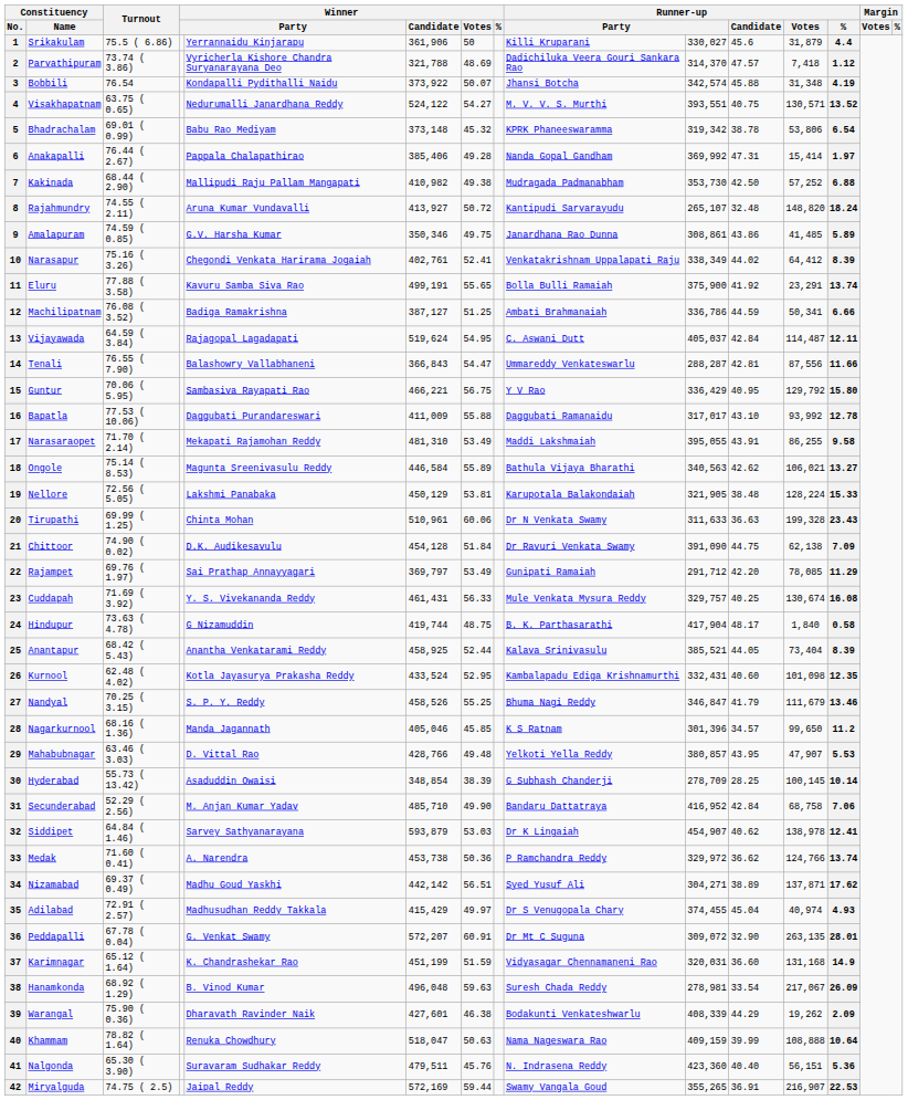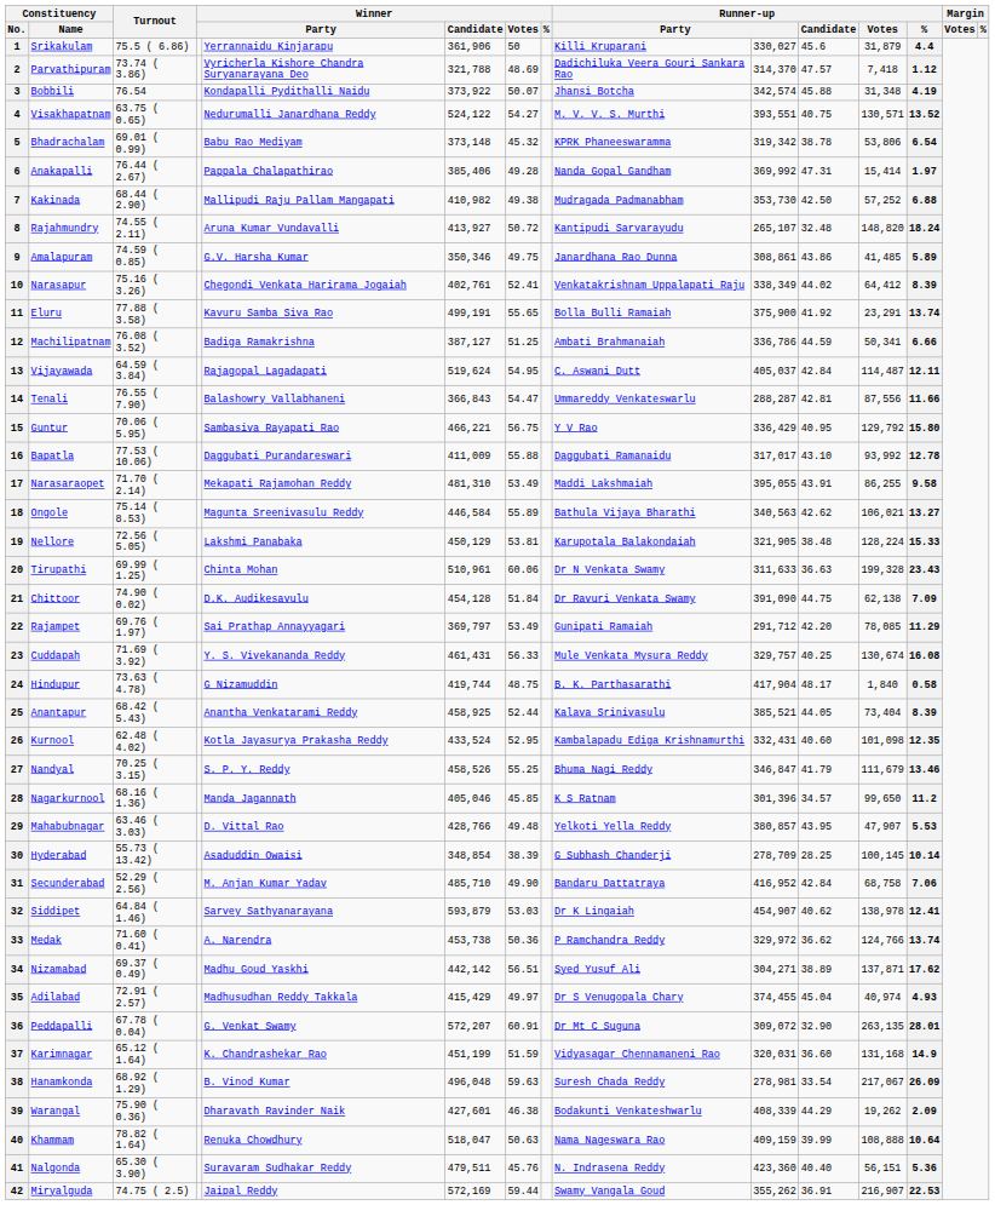 <table class="wikitable sortable">
 <tr>
 <th colspan="2">Constituency</th>
 <th rowspan="2">Turnout</th>
 <th colspan="5">Winner</th>
 <th colspan="5">Runner-up</th>
 <th colspan="2">Margin</th>
 </tr>
 <tr>
 <th>No.</th>
 <th>Name</th>
 <th colspan="2">Party</th>
 <th>Candidate</th>
 <th>Votes</th>
 <th>%</th>
 <th colspan="2">Party</th>
 <th>Candidate</th>
 <th>Votes</th>
 <th>%</th>
 <th>Votes</th>
 <th>%</th>
 </tr>
 <tr>
 <th>1</th>
 <td><a href='#'>Srikakulam</a></td>
 <td>75.5 (  6.86)</td>
 <td></td>
 <td><a href='#'>Yerrannaidu Kinjarapu</a></td>
 <td>361,906</td>
 <td>50</td>
 <td></td>
 <td><a href='#'>Killi Kruparani</a></td>
 <td>330,027</td>
 <td>45.6</td>
 <td style="text-align:center;background:">31,879</td>
 <th>4.4</th>
 </tr>
 <tr>
 <th>2</th>
 <td><a href='#'>Parvathipuram</a></td>
 <td>73.74 (  3.86)</td>
 <td></td>
 <td><a href='#'>Vyricherla Kishore Chandra Suryanarayana Deo</a></td>
 <td>321,788</td>
 <td>48.69</td>
 <td></td>
 <td><a href='#'>Dadichiluka Veera Gouri Sankara Rao</a></td>
 <td>314,370</td>
 <td>47.57</td>
 <td style="text-align:center;background:">7,418</td>
 <th>1.12</th>
 </tr>
 <tr>
 <th>3</th>
 <td><a href='#'>Bobbili</a></td>
 <td>76.54</td>
 <td></td>
 <td><a href='#'>Kondapalli Pydithalli Naidu</a></td>
 <td>373,922</td>
 <td>50.07</td>
 <td></td>
 <td><a href='#'>Jhansi Botcha</a></td>
 <td>342,574</td>
 <td>45.88</td>
 <td style="text-align:center;background:">31,348</td>
 <th>4.19</th>
 </tr>
 <tr>
 <th>4</th>
 <td><a href='#'>Visakhapatnam</a></td>
 <td>63.75 (  0.65)</td>
 <td></td>
 <td><a href='#'>Nedurumalli Janardhana Reddy</a></td>
 <td>524,122</td>
 <td>54.27</td>
 <td></td>
 <td><a href='#'>M. V. V. S. Murthi</a></td>
 <td>393,551</td>
 <td>40.75</td>
 <td style="text-align:center;background:">130,571</td>
 <th>13.52</th>
 </tr>
 <tr>
 <th>5</th>
 <td><a href='#'>Bhadrachalam</a></td>
 <td>69.01 (  0.99)</td>
 <td></td>
 <td><a href='#'>Babu Rao Mediyam</a></td>
 <td>373,148</td>
 <td>45.32</td>
 <td></td>
 <td><a href='#'>KPRK Phaneeswaramma</a></td>
 <td>319,342</td>
 <td>38.78</td>
 <td style="text-align:center;background:">53,806</td>
 <th>6.54</th>
 </tr>
 <tr>
 <th>6</th>
 <td><a href='#'>Anakapalli</a></td>
 <td>76.44  (  2.67)</td>
 <td></td>
 <td><a href='#'>Pappala Chalapathirao</a></td>
 <td>385,406</td>
 <td>49.28</td>
 <td></td>
 <td><a href='#'>Nanda Gopal Gandham</a></td>
 <td>369,992</td>
 <td>47.31</td>
 <td style="text-align:center;background:">15,414</td>
 <th>1.97</th>
 </tr>
 <tr>
 <th>7</th>
 <td><a href='#'>Kakinada</a></td>
 <td>68.44 (  2.90)</td>
 <td></td>
 <td><a href='#'>Mallipudi Raju Pallam Mangapati</a></td>
 <td>410,982</td>
 <td>49.38</td>
 <td></td>
 <td><a href='#'>Mudragada Padmanabham</a></td>
 <td>353,730</td>
 <td>42.50</td>
 <td style="text-align:center;background:">57,252</td>
 <th>6.88</th>
 </tr>
 <tr>
 <th>8</th>
 <td><a href='#'>Rajahmundry</a></td>
 <td>74.55 (  2.11)</td>
 <td></td>
 <td><a href='#'>Aruna Kumar Vundavalli</a></td>
 <td>413,927</td>
 <td>50.72</td>
 <td></td>
 <td><a href='#'>Kantipudi Sarvarayudu</a></td>
 <td>265,107</td>
 <td>32.48</td>
 <td style="text-align:center;background:">148,820</td>
 <th>18.24</th>
 </tr>
 <tr>
 <th>9</th>
 <td><a href='#'>Amalapuram</a></td>
 <td>74.59  (  0.85)</td>
 <td></td>
 <td><a href='#'>G.V. Harsha Kumar</a></td>
 <td>350,346</td>
 <td>49.75</td>
 <td></td>
 <td><a href='#'>Janardhana Rao Dunna</a></td>
 <td>308,861</td>
 <td>43.86</td>
 <td style="text-align:center;background:">41,485</td>
 <th>5.89</th>
 </tr>
 <tr>
 <th>10</th>
 <td><a href='#'>Narasapur</a></td>
 <td>75.16 (  3.26)</td>
 <td></td>
 <td><a href='#'>Chegondi Venkata Harirama Jogaiah</a></td>
 <td>402,761</td>
 <td>52.41</td>
 <td></td>
 <td><a href='#'>Venkatakrishnam Uppalapati Raju</a></td>
 <td>338,349</td>
 <td>44.02</td>
 <td style="text-align:center;background:">64,412</td>
 <th>8.39</th>
 </tr>
 <tr>
 <th>11</th>
 <td><a href='#'>Eluru</a></td>
 <td>77.88 (  3.58)</td>
 <td></td>
 <td><a href='#'>Kavuru Samba Siva Rao</a></td>
 <td>499,191</td>
 <td>55.65</td>
 <td></td>
 <td><a href='#'>Bolla Bulli Ramaiah</a></td>
 <td>375,900</td>
 <td>41.92</td>
 <td style="text-align:center;background:">23,291</td>
 <th>13.74</th>
 </tr>
 <tr>
 <th>12</th>
 <td><a href='#'>Machilipatnam</a></td>
 <td>76.08 (  3.52)</td>
 <td></td>
 <td><a href='#'>Badiga Ramakrishna</a></td>
 <td>387,127</td>
 <td>51.25</td>
 <td></td>
 <td><a href='#'>Ambati Brahmanaiah</a></td>
 <td>336,786</td>
 <td>44.59</td>
 <td style="text-align:center;background:">50,341</td>
 <th>6.66</th>
 </tr>
 <tr>
 <th>13</th>
 <td><a href='#'>Vijayawada</a></td>
 <td>64.59  (  3.84)</td>
 <td></td>
 <td><a href='#'>Rajagopal Lagadapati</a></td>
 <td>519,624</td>
 <td>54.95</td>
 <td></td>
 <td><a href='#'>C. Aswani Dutt</a></td>
 <td>405,037</td>
 <td>42.84</td>
 <td style="text-align:center;background:">114,487</td>
 <th>12.11</th>
 </tr>
 <tr>
 <th>14</th>
 <td><a href='#'>Tenali</a></td>
 <td>76.55 (  7.90)</td>
 <td></td>
 <td><a href='#'>Balashowry Vallabhaneni</a></td>
 <td>366,843</td>
 <td>54.47</td>
 <td></td>
 <td><a href='#'>Ummareddy Venkateswarlu</a></td>
 <td>288,287</td>
 <td>42.81</td>
 <td style="text-align:center;background:">87,556</td>
 <th>11.66</th>
 </tr>
 <tr>
 <th>15</th>
 <td><a href='#'>Guntur</a></td>
 <td>70.06 (  5.95)</td>
 <td></td>
 <td><a href='#'>Sambasiva Rayapati Rao</a></td>
 <td>466,221</td>
 <td>56.75</td>
 <td></td>
 <td><a href='#'>Y V Rao</a></td>
 <td>336,429</td>
 <td>40.95</td>
 <td style="text-align:center;background:">129,792</td>
 <th>15.80</th>
 </tr>
 <tr>
 <th>16</th>
 <td><a href='#'>Bapatla</a></td>
 <td>77.53 (  10.06)</td>
 <td></td>
 <td><a href='#'>Daggubati Purandareswari</a></td>
 <td>411,009</td>
 <td>55.88</td>
 <td></td>
 <td><a href='#'>Daggubati Ramanaidu</a></td>
 <td>317,017</td>
 <td>43.10</td>
 <td style="text-align:center;background:">93,992</td>
 <th>12.78</th>
 </tr>
 <tr>
 <th>17</th>
 <td><a href='#'>Narasaraopet</a></td>
 <td>71.70 (  2.14)</td>
 <td></td>
 <td><a href='#'>Mekapati Rajamohan Reddy</a></td>
 <td>481,310</td>
 <td>53.49</td>
 <td></td>
 <td><a href='#'>Maddi Lakshmaiah</a></td>
 <td>395,055</td>
 <td>43.91</td>
 <td style="text-align:center;background:">86,255</td>
 <th>9.58</th>
 </tr>
 <tr>
 <th>18</th>
 <td><a href='#'>Ongole</a></td>
 <td>75.14 (  8.53)</td>
 <td></td>
 <td><a href='#'>Magunta Sreenivasulu Reddy</a></td>
 <td>446,584</td>
 <td>55.89</td>
 <td></td>
 <td><a href='#'>Bathula Vijaya Bharathi</a></td>
 <td>340,563</td>
 <td>42.62</td>
 <td style="text-align:center;background:">106,021</td>
 <th>13.27</th>
 </tr>
 <tr>
 <th>19</th>
 <td><a href='#'>Nellore</a></td>
 <td>72.56 (  5.05)</td>
 <td></td>
 <td><a href='#'>Lakshmi Panabaka</a></td>
 <td>450,129</td>
 <td>53.81</td>
 <td></td>
 <td><a href='#'>Karupotala Balakondaiah</a></td>
 <td>321,905</td>
 <td>38.48</td>
 <td style="text-align:center;background:">128,224</td>
 <th>15.33</th>
 </tr>
 <tr>
 <th>20</th>
 <td><a href='#'>Tirupathi</a></td>
 <td>69.99 (  1.25)</td>
 <td></td>
 <td><a href='#'>Chinta Mohan</a></td>
 <td>510,961</td>
 <td>60.06</td>
 <td></td>
 <td><a href='#'>Dr N Venkata Swamy</a></td>
 <td>311,633</td>
 <td>36.63</td>
 <td style="text-align:center;background:">199,328</td>
 <th>23.43</th>
 </tr>
 <tr>
 <th>21</th>
 <td><a href='#'>Chittoor</a></td>
 <td>74.90 (  0.02)</td>
 <td></td>
 <td><a href='#'>D.K. Audikesavulu</a></td>
 <td>454,128</td>
 <td>51.84</td>
 <td></td>
 <td><a href='#'>Dr Ravuri Venkata Swamy</a></td>
 <td>391,090</td>
 <td>44.75</td>
 <td style="text-align:center;background:">62,138</td>
 <th>7.09</th>
 </tr>
 <tr>
 <th>22</th>
 <td><a href='#'>Rajampet</a></td>
 <td>69.76 (  1.97)</td>
 <td></td>
 <td><a href='#'>Sai Prathap Annayyagari</a></td>
 <td>369,797</td>
 <td>53.49</td>
 <td></td>
 <td><a href='#'>Gunipati Ramaiah</a></td>
 <td>291,712</td>
 <td>42.20</td>
 <td style="text-align:center;background:">78,085</td>
 <th>11.29</th>
 </tr>
 <tr>
 <th>23</th>
 <td><a href='#'>Cuddapah</a></td>
 <td>71.69 (  3.92)</td>
 <td></td>
 <td><a href='#'>Y. S. Vivekananda Reddy</a></td>
 <td>461,431</td>
 <td>56.33</td>
 <td></td>
 <td><a href='#'>Mule Venkata Mysura Reddy</a></td>
 <td>329,757</td>
 <td>40.25</td>
 <td style="text-align:center;background:">130,674</td>
 <th>16.08</th>
 </tr>
 <tr>
 <th>24</th>
 <td><a href='#'>Hindupur</a></td>
 <td>73.63 (  4.78)</td>
 <td></td>
 <td><a href='#'>G Nizamuddin</a></td>
 <td>419,744</td>
 <td>48.75</td>
 <td></td>
 <td><a href='#'>B. K. Parthasarathi</a></td>
 <td>417,904</td>
 <td>48.17</td>
 <td style="text-align:center;background:">1,840</td>
 <th>0.58</th>
 </tr>
 <tr>
 <th>25</th>
 <td><a href='#'>Anantapur</a></td>
 <td>68.42 (  5.43)</td>
 <td></td>
 <td><a href='#'>Anantha Venkatarami Reddy</a></td>
 <td>458,925</td>
 <td>52.44</td>
 <td></td>
 <td><a href='#'>Kalava Srinivasulu</a></td>
 <td>385,521</td>
 <td>44.05</td>
 <td style="text-align:center;background:">73,404</td>
 <th>8.39</th>
 </tr>
 <tr>
 <th>26</th>
 <td><a href='#'>Kurnool</a></td>
 <td>62.48 (  4.02)</td>
 <td></td>
 <td><a href='#'>Kotla Jayasurya Prakasha Reddy</a></td>
 <td>433,524</td>
 <td>52.95</td>
 <td></td>
 <td><a href='#'>Kambalapadu Ediga Krishnamurthi</a></td>
 <td>332,431</td>
 <td>40.60</td>
 <td style="text-align:center;background:">101,098</td>
 <th>12.35</th>
 </tr>
 <tr>
 <th>27</th>
 <td><a href='#'>Nandyal</a></td>
 <td>70.25 (  3.15)</td>
 <td></td>
 <td><a href='#'>S. P. Y. Reddy</a></td>
 <td>458,526</td>
 <td>55.25</td>
 <td></td>
 <td><a href='#'>Bhuma Nagi Reddy</a></td>
 <td>346,847</td>
 <td>41.79</td>
 <td style="text-align:center;background:">111,679</td>
 <th>13.46</th>
 </tr>
 <tr>
 <th>28</th>
 <td><a href='#'>Nagarkurnool</a></td>
 <td>68.16 (  1.36)</td>
 <td></td>
 <td><a href='#'>Manda Jagannath</a></td>
 <td>405,046</td>
 <td>45.85</td>
 <td></td>
 <td><a href='#'>K S Ratnam</a></td>
 <td>301,396</td>
 <td>34.57</td>
 <td style="text-align:center;background:">99,650</td>
 <th>11.2</th>
 </tr>
 <tr>
 <th>29</th>
 <td><a href='#'>Mahabubnagar</a></td>
 <td>63.46 (  3.03)</td>
 <td></td>
 <td><a href='#'>D. Vittal Rao</a></td>
 <td>428,766</td>
 <td>49.48</td>
 <td></td>
 <td><a href='#'>Yelkoti Yella Reddy</a></td>
 <td>380,857</td>
 <td>43.95</td>
 <td style="text-align:center;background:">47,907</td>
 <th>5.53</th>
 </tr>
 <tr>
 <th>30</th>
 <td><a href='#'>Hyderabad</a></td>
 <td>55.73 (  13.42)</td>
 <td></td>
 <td><a href='#'>Asaduddin Owaisi</a></td>
 <td>348,854</td>
 <td>38.39</td>
 <td></td>
 <td><a href='#'>G Subhash Chanderji</a></td>
 <td>278,709</td>
 <td>28.25</td>
 <td style="text-align:center;background:">100,145</td>
 <th>10.14</th>
 </tr>
 <tr>
 <th>31</th>
 <td><a href='#'>Secunderabad</a></td>
 <td>52.29 (  2.56)</td>
 <td></td>
 <td><a href='#'>M. Anjan Kumar Yadav</a></td>
 <td>485,710</td>
 <td>49.90</td>
 <td></td>
 <td><a href='#'>Bandaru Dattatraya</a></td>
 <td>416,952</td>
 <td>42.84</td>
 <td style="text-align:center;background:">68,758</td>
 <th>7.06</th>
 </tr>
 <tr>
 <th>32</th>
 <td><a href='#'>Siddipet</a></td>
 <td>64.84 (  1.46)</td>
 <td></td>
 <td><a href='#'>Sarvey Sathyanarayana</a></td>
 <td>593,879</td>
 <td>53.03</td>
 <td></td>
 <td><a href='#'>Dr K Lingaiah</a></td>
 <td>454,907</td>
 <td>40.62</td>
 <td style="text-align:center;background:">138,978</td>
 <th>12.41</th>
 </tr>
 <tr>
 <th>33</th>
 <td><a href='#'>Medak</a></td>
 <td>71.60 (  0.41)</td>
 <td></td>
 <td><a href='#'>A. Narendra</a></td>
 <td>453,738</td>
 <td>50.36</td>
 <td></td>
 <td><a href='#'>P Ramchandra Reddy</a></td>
 <td>329,972</td>
 <td>36.62</td>
 <td style="text-align:center;background:">124,766</td>
 <th>13.74</th>
 </tr>
 <tr>
 <th>34</th>
 <td><a href='#'>Nizamabad</a></td>
 <td>69.37  (  0.49)</td>
 <td></td>
 <td><a href='#'>Madhu Goud Yaskhi</a></td>
 <td>442,142</td>
 <td>56.51</td>
 <td></td>
 <td><a href='#'>Syed Yusuf Ali</a></td>
 <td>304,271</td>
 <td>38.89</td>
 <td style="text-align:center;background:">137,871</td>
 <th>17.62</th>
 </tr>
 <tr>
 <th>35</th>
 <td><a href='#'>Adilabad</a></td>
 <td>72.91 (  2.57)</td>
 <td></td>
 <td><a href='#'>Madhusudhan Reddy Takkala</a></td>
 <td>415,429</td>
 <td>49.97</td>
 <td></td>
 <td><a href='#'>Dr S Venugopala Chary</a></td>
 <td>374,455</td>
 <td>45.04</td>
 <td style="text-align:center;background:">40,974</td>
 <th>4.93</th>
 </tr>
 <tr>
 <th>36</th>
 <td><a href='#'>Peddapalli</a></td>
 <td>67.78 (  0.04)</td>
 <td></td>
 <td><a href='#'>G. Venkat Swamy</a></td>
 <td>572,207</td>
 <td>60.91</td>
 <td></td>
 <td><a href='#'>Dr Mt C Suguna</a></td>
 <td>309,072</td>
 <td>32.90</td>
 <td style="text-align:center;background:">263,135</td>
 <th>28.01</th>
 </tr>
 <tr>
 <th>37</th>
 <td><a href='#'>Karimnagar</a></td>
 <td>65.12 (  1.64)</td>
 <td></td>
 <td><a href='#'>K. Chandrashekar Rao</a></td>
 <td>451,199</td>
 <td>51.59</td>
 <td></td>
 <td><a href='#'>Vidyasagar Chennamaneni Rao</a></td>
 <td>320,031</td>
 <td>36.60</td>
 <td style="text-align:center;background:">131,168</td>
 <th>14.9</th>
 </tr>
 <tr>
 <th>38</th>
 <td><a href='#'>Hanamkonda</a></td>
 <td>68.92 (  1.29)</td>
 <td></td>
 <td><a href='#'>B. Vinod Kumar</a></td>
 <td>496,048</td>
 <td>59.63</td>
 <td></td>
 <td><a href='#'>Suresh Chada Reddy</a></td>
 <td>278,981</td>
 <td>33.54</td>
 <td style="text-align:center;background:">217,067</td>
 <th>26.09</th>
 </tr>
 <tr>
 <th>39</th>
 <td><a href='#'>Warangal</a></td>
 <td>75.90 (  0.36)</td>
 <td></td>
 <td><a href='#'>Dharavath Ravinder Naik</a></td>
 <td>427,601</td>
 <td>46.38</td>
 <td></td>
 <td><a href='#'>Bodakunti Venkateshwarlu</a></td>
 <td>408,339</td>
 <td>44.29</td>
 <td style="text-align:center;background:">19,262</td>
 <th>2.09</th>
 </tr>
 <tr>
 <th>40</th>
 <td><a href='#'>Khammam</a></td>
 <td>78.82 (  1.64)</td>
 <td></td>
 <td><a href='#'>Renuka Chowdhury</a></td>
 <td>518,047</td>
 <td>50.63</td>
 <td></td>
 <td><a href='#'>Nama Nageswara Rao</a></td>
 <td>409,159</td>
 <td>39.99</td>
 <td style="text-align:center;background:">108,888</td>
 <th>10.64</th>
 </tr>
 <tr>
 <th>41</th>
 <td><a href='#'>Nalgonda</a></td>
 <td>65.30 (  3.90)</td>
 <td></td>
 <td><a href='#'>Suravaram Sudhakar Reddy</a></td>
 <td>479,511</td>
 <td>45.76</td>
 <td></td>
 <td><a href='#'>N. Indrasena Reddy</a></td>
 <td>423,360</td>
 <td>40.40</td>
 <td style="text-align:center;background:">56,151</td>
 <th>5.36</th>
 </tr>
 <tr>
 <th>42</th>
 <td><a href='#'>Miryalguda</a></td>
 <td>74.75 (  2.5)</td>
 <td></td>
 <td><a href='#'>Jaipal Reddy</a></td>
 <td>572,169</td>
 <td>59.44</td>
 <td></td>
 <td><a href='#'>Swamy Vangala Goud</a></td>
-<td>355,265</td>
+<td>355,262</td>
 <td>36.91</td>
 <td style="text-align:center;background:">216,907</td>
 <th>22.53</th>
 </tr>
 </table>
